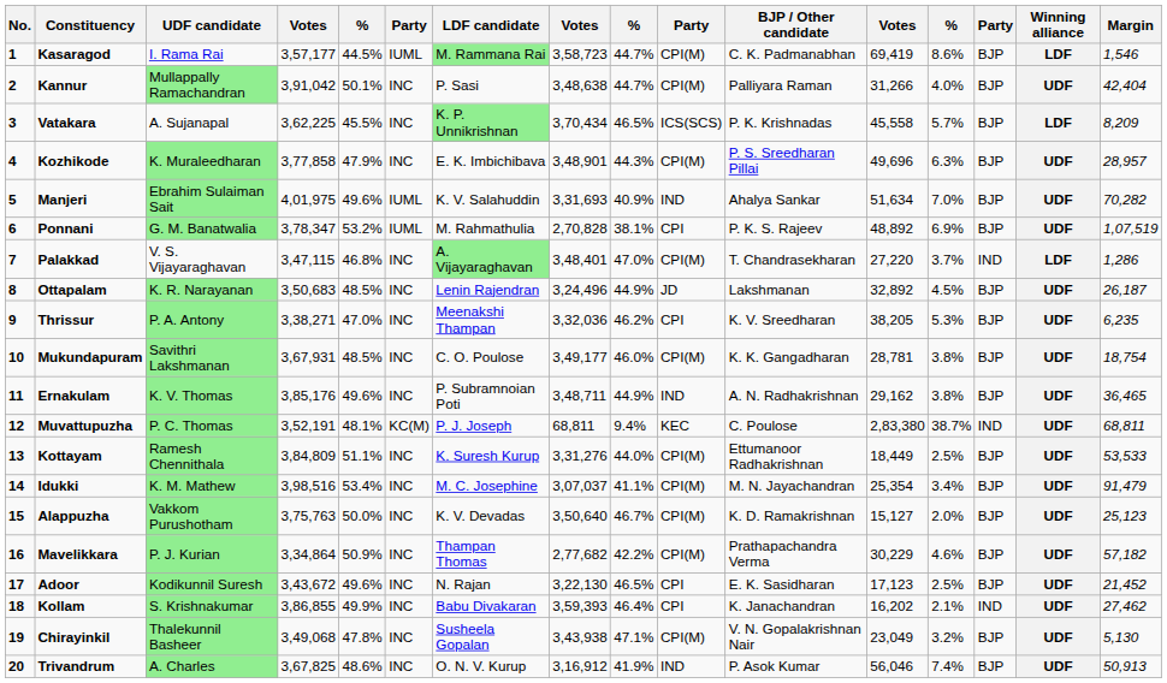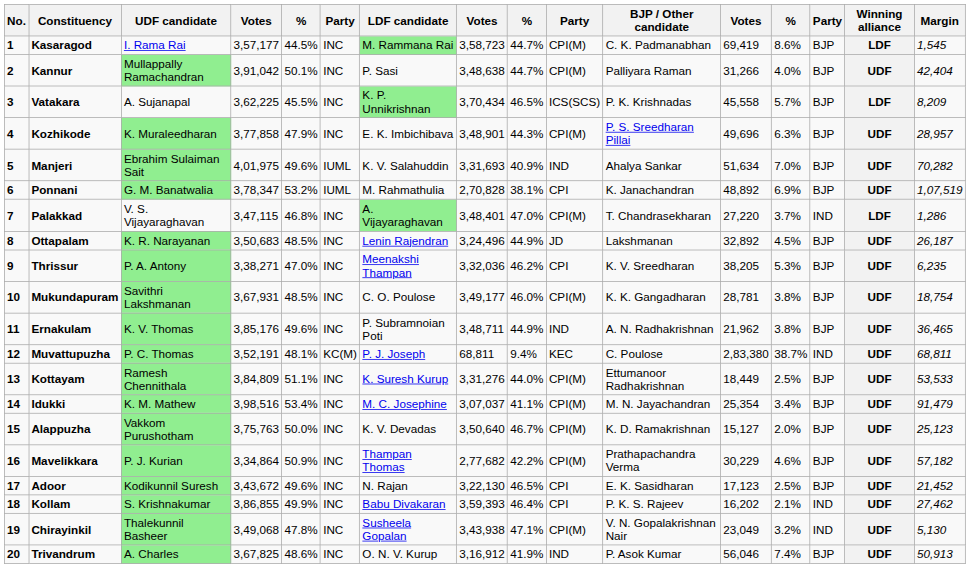 <table class="wikitable sortable" style="font-size:95%;">
 <tr>
 <th>No.</th>
 <th>Constituency</th>
 <th>UDF candidate</th>
 <th>Votes</th>
 <th>%</th>
 <th>Party</th>
 <th>LDF candidate</th>
 <th>Votes</th>
 <th>%</th>
 <th>Party</th>
 <th>BJP / Other candidate</th>
 <th>Votes</th>
 <th>%</th>
 <th>Party</th>
 <th>Winning alliance</th>
 <th>Margin</th>
 </tr>
 <tr>
 <td><strong>1</strong></td>
 <td><strong>Kasaragod</strong></td>
 <td><a href='#'>I. Rama Rai</a></td>
 <td>3,57,177</td>
 <td>44.5%</td>
-<td>IUML</td>
+<td>INC</td>
 <td style="background:lightgreen;">M. Rammana Rai</td>
 <td>3,58,723</td>
 <td>44.7%</td>
 <td>CPI(M)</td>
 <td>C. K. Padmanabhan</td>
 <td>69,419</td>
 <td>8.6%</td>
 <td>BJP</td>
 <th style="background:">LDF</th>
-<td><em>1,546</em></td>
+<td><em>1,545</em></td>
 </tr>
 <tr>
 <td><strong>2</strong></td>
 <td><strong>Kannur</strong></td>
 <td style="background:lightgreen;">Mullappally Ramachandran</td>
 <td>3,91,042</td>
 <td>50.1%</td>
 <td>INC</td>
 <td>P. Sasi</td>
 <td>3,48,638</td>
 <td>44.7%</td>
 <td>CPI(M)</td>
 <td>Palliyara Raman</td>
 <td>31,266</td>
 <td>4.0%</td>
 <td>BJP</td>
 <th style="background:">UDF</th>
 <td><em>42,404</em></td>
 </tr>
 <tr>
 <td><strong>3</strong></td>
 <td><strong>Vatakara</strong></td>
 <td>A. Sujanapal</td>
 <td>3,62,225</td>
 <td>45.5%</td>
 <td>INC</td>
 <td style="background:lightgreen;">K. P. Unnikrishnan</td>
 <td>3,70,434</td>
 <td>46.5%</td>
 <td>ICS(SCS)</td>
 <td>P. K. Krishnadas</td>
 <td>45,558</td>
 <td>5.7%</td>
 <td>BJP</td>
 <th style="background:">LDF</th>
 <td><em>8,209</em></td>
 </tr>
 <tr>
 <td><strong>4</strong></td>
 <td><strong>Kozhikode</strong></td>
 <td style="background:lightgreen;">K. Muraleedharan</td>
 <td>3,77,858</td>
 <td>47.9%</td>
 <td>INC</td>
 <td>E. K. Imbichibava</td>
 <td>3,48,901</td>
 <td>44.3%</td>
 <td>CPI(M)</td>
 <td><a href='#'>P. S. Sreedharan Pillai</a></td>
 <td>49,696</td>
 <td>6.3%</td>
 <td>BJP</td>
 <th style="background:">UDF</th>
 <td><em>28,957</em></td>
 </tr>
 <tr>
 <td><strong>5</strong></td>
 <td><strong>Manjeri</strong></td>
 <td style="background:lightgreen;">Ebrahim Sulaiman Sait</td>
 <td>4,01,975</td>
 <td>49.6%</td>
 <td>IUML</td>
 <td>K. V. Salahuddin</td>
 <td>3,31,693</td>
 <td>40.9%</td>
 <td>IND</td>
 <td>Ahalya Sankar</td>
 <td>51,634</td>
 <td>7.0%</td>
 <td>BJP</td>
 <th style="background:">UDF</th>
 <td><em>70,282</em></td>
 </tr>
 <tr>
 <td><strong>6</strong></td>
 <td><strong>Ponnani</strong></td>
 <td style="background:lightgreen;">G. M. Banatwalia</td>
 <td>3,78,347</td>
 <td>53.2%</td>
 <td>IUML</td>
 <td>M. Rahmathulia</td>
 <td>2,70,828</td>
 <td>38.1%</td>
 <td>CPI</td>
-<td>P. K. S. Rajeev</td>
+<td>K. Janachandran</td>
 <td>48,892</td>
 <td>6.9%</td>
 <td>BJP</td>
 <th style="background:">UDF</th>
 <td><em>1,07,519</em></td>
 </tr>
 <tr>
 <td><strong>7</strong></td>
 <td><strong>Palakkad</strong></td>
 <td>V. S. Vijayaraghavan</td>
 <td>3,47,115</td>
 <td>46.8%</td>
 <td>INC</td>
 <td style="background:lightgreen;">A. Vijayaraghavan</td>
 <td>3,48,401</td>
 <td>47.0%</td>
 <td>CPI(M)</td>
 <td>T. Chandrasekharan</td>
 <td>27,220</td>
 <td>3.7%</td>
 <td>IND</td>
 <th style="background:">LDF</th>
 <td><em>1,286</em></td>
 </tr>
 <tr>
 <td><strong>8</strong></td>
 <td><strong>Ottapalam</strong></td>
 <td style="background:lightgreen;">K. R. Narayanan</td>
 <td>3,50,683</td>
 <td>48.5%</td>
 <td>INC</td>
 <td><a href='#'>Lenin Rajendran</a></td>
 <td>3,24,496</td>
 <td>44.9%</td>
 <td>JD</td>
 <td>Lakshmanan</td>
 <td>32,892</td>
 <td>4.5%</td>
 <td>BJP</td>
 <th style="background:">UDF</th>
 <td><em>26,187</em></td>
 </tr>
 <tr>
 <td><strong>9</strong></td>
 <td><strong>Thrissur</strong></td>
 <td style="background:lightgreen;">P. A. Antony</td>
 <td>3,38,271</td>
 <td>47.0%</td>
 <td>INC</td>
 <td><a href='#'>Meenakshi Thampan</a></td>
 <td>3,32,036</td>
 <td>46.2%</td>
 <td>CPI</td>
 <td>K. V. Sreedharan</td>
 <td>38,205</td>
 <td>5.3%</td>
 <td>BJP</td>
 <th style="background:">UDF</th>
 <td><em>6,235</em></td>
 </tr>
 <tr>
 <td><strong>10</strong></td>
 <td><strong>Mukundapuram</strong></td>
 <td style="background:lightgreen;">Savithri Lakshmanan</td>
 <td>3,67,931</td>
 <td>48.5%</td>
 <td>INC</td>
 <td>C. O. Poulose</td>
 <td>3,49,177</td>
 <td>46.0%</td>
 <td>CPI(M)</td>
 <td>K. K. Gangadharan</td>
 <td>28,781</td>
 <td>3.8%</td>
 <td>BJP</td>
 <th style="background:">UDF</th>
 <td><em>18,754</em></td>
 </tr>
 <tr>
 <td><strong>11</strong></td>
 <td><strong>Ernakulam</strong></td>
 <td style="background:lightgreen;">K. V. Thomas</td>
 <td>3,85,176</td>
 <td>49.6%</td>
 <td>INC</td>
 <td>P. Subramnoian Poti</td>
 <td>3,48,711</td>
 <td>44.9%</td>
 <td>IND</td>
 <td>A. N. Radhakrishnan</td>
-<td>29,162</td>
+<td>21,962</td>
 <td>3.8%</td>
 <td>BJP</td>
 <th style="background:">UDF</th>
 <td><em>36,465</em></td>
 </tr>
 <tr>
 <td><strong>12</strong></td>
 <td><strong>Muvattupuzha</strong></td>
 <td style="background:lightgreen;">P. C. Thomas</td>
 <td>3,52,191</td>
 <td>48.1%</td>
 <td>KC(M)</td>
 <td><a href='#'>P. J. Joseph</a></td>
 <td>68,811</td>
 <td>9.4%</td>
 <td>KEC</td>
 <td>C. Poulose</td>
 <td>2,83,380</td>
 <td>38.7%</td>
 <td>IND</td>
 <th style="background:">UDF</th>
 <td><em>68,811</em></td>
 </tr>
 <tr>
 <td><strong>13</strong></td>
 <td><strong>Kottayam</strong></td>
 <td style="background:lightgreen;">Ramesh Chennithala</td>
 <td>3,84,809</td>
 <td>51.1%</td>
 <td>INC</td>
 <td><a href='#'>K. Suresh Kurup</a></td>
 <td>3,31,276</td>
 <td>44.0%</td>
 <td>CPI(M)</td>
 <td>Ettumanoor Radhakrishnan</td>
 <td>18,449</td>
 <td>2.5%</td>
 <td>BJP</td>
 <th style="background:">UDF</th>
 <td><em>53,533</em></td>
 </tr>
 <tr>
 <td><strong>14</strong></td>
 <td><strong>Idukki</strong></td>
 <td style="background:lightgreen;">K. M. Mathew</td>
 <td>3,98,516</td>
 <td>53.4%</td>
 <td>INC</td>
 <td><a href='#'>M. C. Josephine</a></td>
 <td>3,07,037</td>
 <td>41.1%</td>
 <td>CPI(M)</td>
 <td>M. N. Jayachandran</td>
 <td>25,354</td>
 <td>3.4%</td>
 <td>BJP</td>
 <th style="background:">UDF</th>
 <td><em>91,479</em></td>
 </tr>
 <tr>
 <td><strong>15</strong></td>
 <td><strong>Alappuzha</strong></td>
 <td style="background:lightgreen;">Vakkom Purushotham</td>
 <td>3,75,763</td>
 <td>50.0%</td>
 <td>INC</td>
 <td>K. V. Devadas</td>
 <td>3,50,640</td>
 <td>46.7%</td>
 <td>CPI(M)</td>
 <td>K. D. Ramakrishnan</td>
 <td>15,127</td>
 <td>2.0%</td>
 <td>BJP</td>
 <th style="background:">UDF</th>
 <td><em>25,123</em></td>
 </tr>
 <tr>
 <td><strong>16</strong></td>
 <td><strong>Mavelikkara</strong></td>
 <td style="background:lightgreen;">P. J. Kurian</td>
 <td>3,34,864</td>
 <td>50.9%</td>
 <td>INC</td>
 <td><a href='#'>Thampan Thomas</a></td>
 <td>2,77,682</td>
 <td>42.2%</td>
 <td>CPI(M)</td>
 <td>Prathapachandra Verma</td>
 <td>30,229</td>
 <td>4.6%</td>
 <td>BJP</td>
 <th style="background:">UDF</th>
 <td><em>57,182</em></td>
 </tr>
 <tr>
 <td><strong>17</strong></td>
 <td><strong>Adoor</strong></td>
 <td style="background:lightgreen;">Kodikunnil Suresh</td>
 <td>3,43,672</td>
 <td>49.6%</td>
 <td>INC</td>
 <td>N. Rajan</td>
 <td>3,22,130</td>
 <td>46.5%</td>
 <td>CPI</td>
 <td>E. K. Sasidharan</td>
 <td>17,123</td>
 <td>2.5%</td>
 <td>BJP</td>
 <th style="background:">UDF</th>
 <td><em>21,452</em></td>
 </tr>
 <tr>
 <td><strong>18</strong></td>
 <td><strong>Kollam</strong></td>
 <td style="background:lightgreen;">S. Krishnakumar</td>
 <td>3,86,855</td>
 <td>49.9%</td>
 <td>INC</td>
 <td><a href='#'>Babu Divakaran</a></td>
 <td>3,59,393</td>
 <td>46.4%</td>
 <td>CPI</td>
-<td>K. Janachandran</td>
+<td>P. K. S. Rajeev</td>
 <td>16,202</td>
 <td>2.1%</td>
 <td>IND</td>
 <th style="background:">UDF</th>
 <td><em>27,462</em></td>
 </tr>
 <tr>
 <td><strong>19</strong></td>
 <td><strong>Chirayinkil</strong></td>
 <td style="background:lightgreen;">Thalekunnil Basheer</td>
 <td>3,49,068</td>
 <td>47.8%</td>
 <td>INC</td>
 <td><a href='#'>Susheela Gopalan</a></td>
 <td>3,43,938</td>
 <td>47.1%</td>
 <td>CPI(M)</td>
 <td>V. N. Gopalakrishnan Nair</td>
 <td>23,049</td>
 <td>3.2%</td>
-<td>BJP</td>
+<td>IND</td>
 <th style="background:">UDF</th>
 <td><em>5,130</em></td>
 </tr>
 <tr>
 <td><strong>20</strong></td>
 <td><strong>Trivandrum</strong></td>
 <td style="background:lightgreen;">A. Charles</td>
 <td>3,67,825</td>
 <td>48.6%</td>
 <td>INC</td>
 <td>O. N. V. Kurup</td>
 <td>3,16,912</td>
 <td>41.9%</td>
 <td>IND</td>
 <td>P. Asok Kumar</td>
 <td>56,046</td>
 <td>7.4%</td>
 <td>BJP</td>
 <th style="background:">UDF</th>
 <td><em>50,913</em></td>
 </tr>
 </table>
